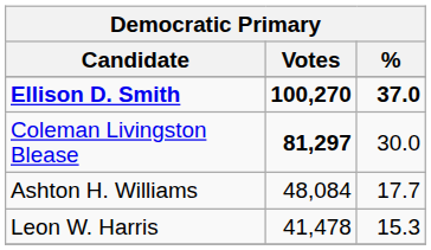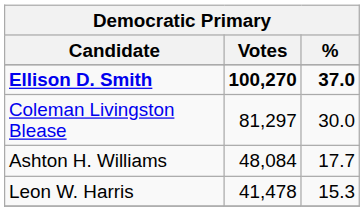 <table class="wikitable" align="left" style="margin: 1em 1em 1em 0; font-size: 95%;">
 <tr>
 <th colspan="3">Democratic Primary</th>
 </tr>
 <tr>
 <th colspan="1" style="width: 170px">Candidate</th>
 <th style="width: 50px">Votes</th>
 <th style="width: 40px">%</th>
 </tr>
 <tr>
 </tr>
 <tr>
 <td><strong><a href='#'>Ellison D. Smith</a></strong></td>
 <td align="right"><strong>100,270</strong></td>
 <td align="right"><strong>37.0</strong></td>
 </tr>
 <tr>
 <td><a href='#'>Coleman Livingston Blease</a></td>
-<td align="right"><strong>81,297</strong></td>
+<td align="right">81,297</td>
 <td align="right">30.0</td>
 </tr>
 <tr>
 <td>Ashton H. Williams</td>
 <td align="right">48,084</td>
 <td align="right">17.7</td>
 </tr>
 <tr>
 <td>Leon W. Harris</td>
 <td align="right">41,478</td>
 <td align="right">15.3</td>
 </tr>
 <tr>
 </tr>
 </table>
